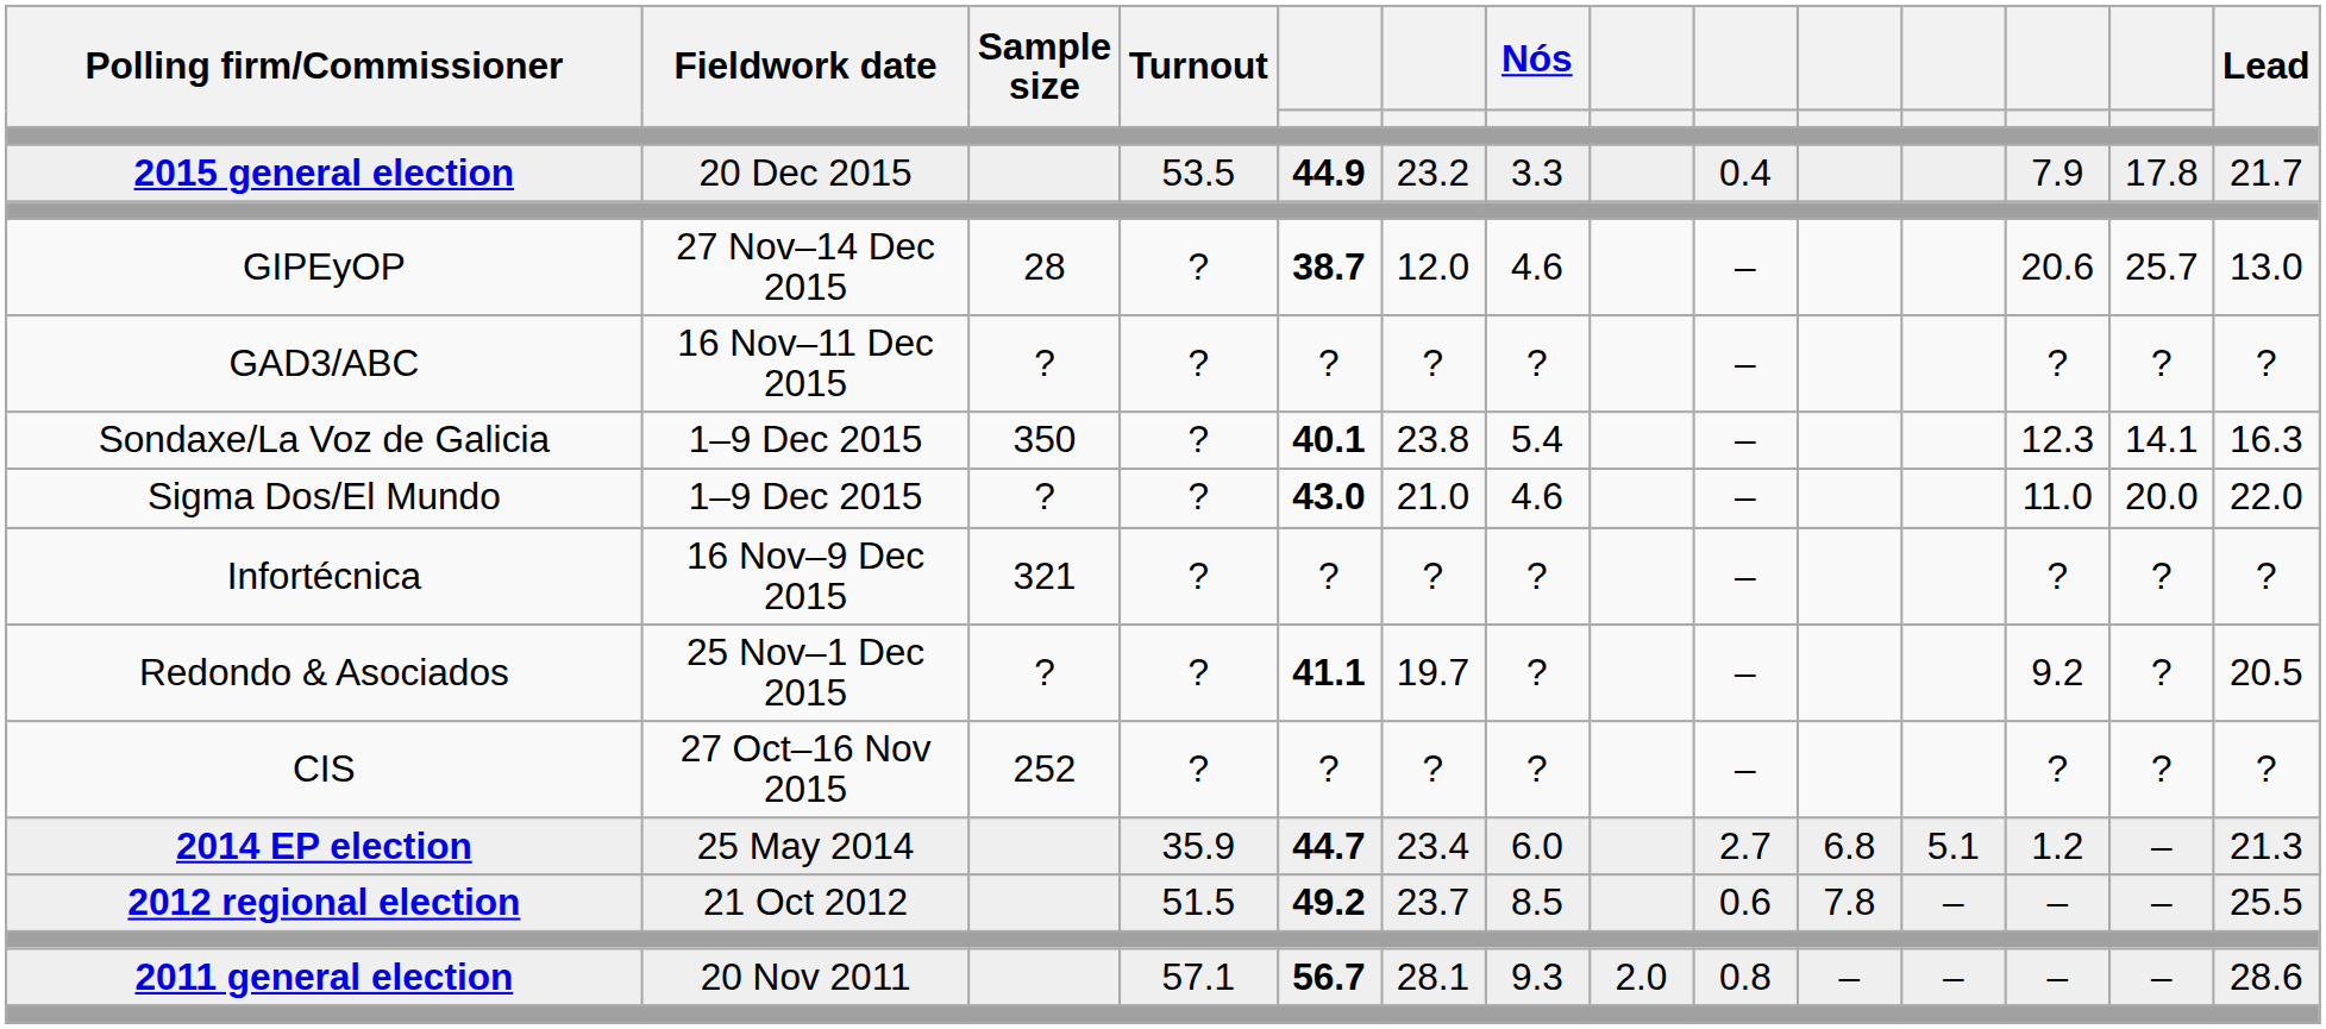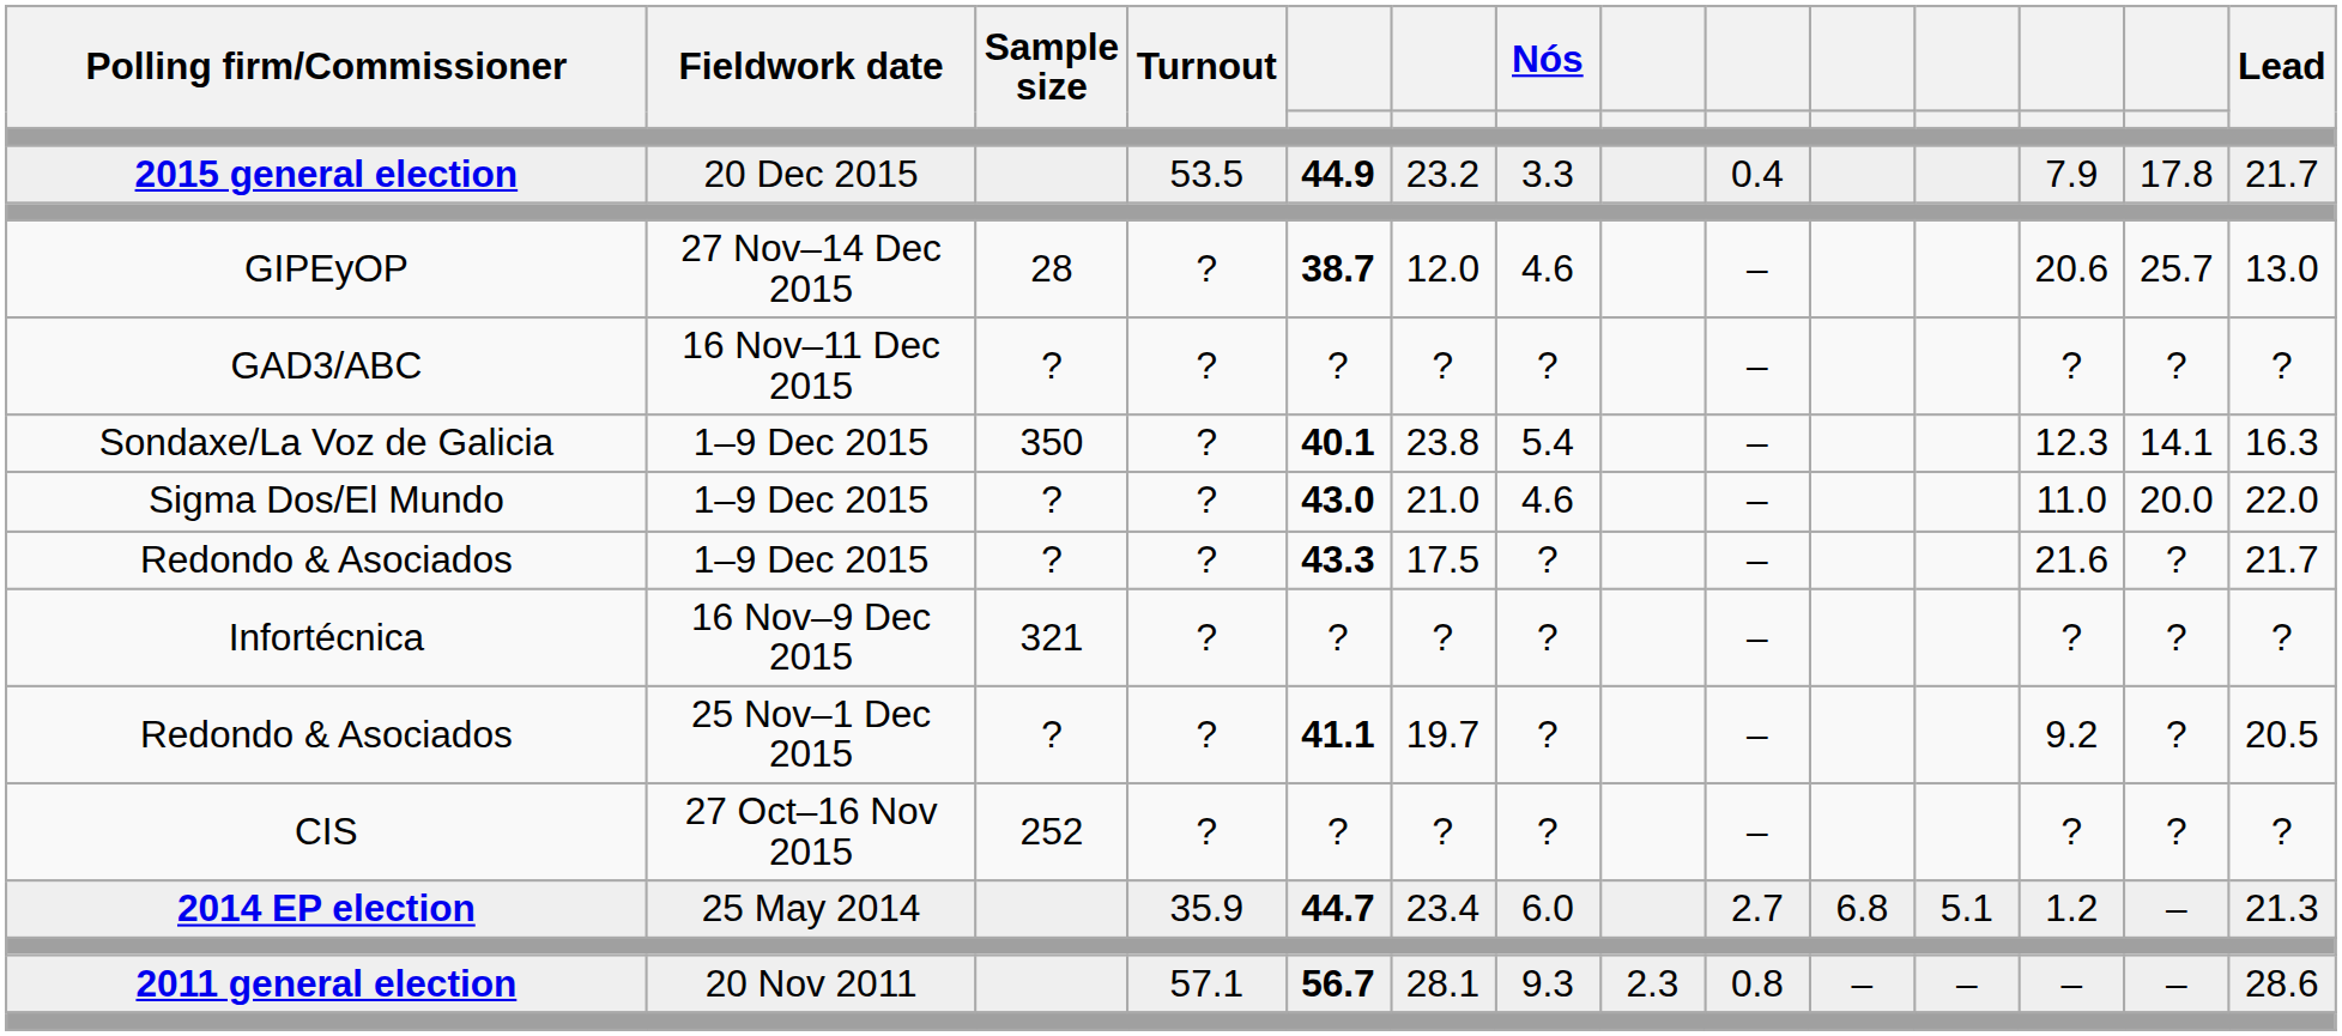 <table class="wikitable collapsible collapsed" style="text-align:center; font-size:95%; line-height:16px;">
 <tr style="height:42px; background-color:#E9E9E9">
 <th style="width:250px;" rowspan="2">Polling firm/Commissioner</th>
 <th style="width:125px;" rowspan="2">Fieldwork date</th>
 <th style="width:50px;" rowspan="2">Sample size</th>
 <th style="width:45px;" rowspan="2">Turnout</th>
 <th style="width:35px;"></th>
 <th style="width:35px;"></th>
 <th style="width:35px;"><a href='#'>Nós</a></th>
 <th style="width:35px;"></th>
 <th style="width:35px;"></th>
 <th style="width:35px;"></th>
 <th style="width:35px;"></th>
 <th style="width:35px;"></th>
 <th style="width:35px;"></th>
 <th style="width:30px;" rowspan="2">Lead</th>
 </tr>
 <tr>
 <th style="color:inherit;background:"></th>
 <th style="color:inherit;background:"></th>
 <th style="color:inherit;background:"></th>
 <th style="color:inherit;background:"></th>
 <th style="color:inherit;background:"></th>
 <th style="color:inherit;background:"></th>
 <th style="color:inherit;background:"></th>
 <th style="color:inherit;background:"></th>
 <th style="color:inherit;background:"></th>
 </tr>
 <tr>
 <td colspan="14" style="background:#A0A0A0"></td>
 </tr>
 <tr style="background:#EFEFEF;">
 <td><strong><a href='#'>2015 general election</a></strong></td>
 <td>20 Dec 2015</td>
 <td></td>
 <td>53.5</td>
 <td><strong>44.9</strong><br></td>
 <td>23.2<br></td>
 <td>3.3<br></td>
 <td></td>
 <td>0.4<br></td>
 <td></td>
 <td></td>
 <td>7.9<br></td>
 <td>17.8<br></td>
 <td style="background:">21.7</td>
 </tr>
 <tr>
 <td colspan="14" style="background:#A0A0A0"></td>
 </tr>
 <tr>
 <td>GIPEyOP</td>
 <td>27 Nov–14 Dec 2015</td>
 <td>28</td>
 <td>?</td>
 <td><strong>38.7</strong><br></td>
 <td>12.0<br></td>
 <td>4.6<br></td>
 <td></td>
 <td>–</td>
 <td></td>
 <td></td>
 <td>20.6<br></td>
 <td>25.7<br></td>
 <td style="background:">13.0</td>
 </tr>
 <tr>
 <td>GAD3/ABC</td>
 <td>16 Nov–11 Dec 2015</td>
 <td>?</td>
 <td>?</td>
 <td>?<br></td>
 <td>?<br></td>
 <td>?<br></td>
 <td></td>
 <td>–</td>
 <td></td>
 <td></td>
 <td>?<br></td>
 <td>?<br></td>
 <td style="background:">?</td>
 </tr>
 <tr>
 <td>Sondaxe/La Voz de Galicia</td>
 <td>1–9 Dec 2015</td>
 <td>350</td>
 <td>?</td>
 <td><strong>40.1</strong><br></td>
 <td>23.8<br></td>
 <td>5.4<br></td>
 <td></td>
 <td>–</td>
 <td></td>
 <td></td>
 <td>12.3<br></td>
 <td>14.1<br></td>
 <td style="background:">16.3</td>
 </tr>
 <tr>
 <td>Sigma Dos/El Mundo</td>
 <td>1–9 Dec 2015</td>
 <td>?</td>
 <td>?</td>
 <td><strong>43.0</strong><br></td>
 <td>21.0<br></td>
 <td>4.6<br></td>
 <td></td>
 <td>–</td>
 <td></td>
 <td></td>
 <td>11.0<br></td>
 <td>20.0<br></td>
 <td style="background:">22.0</td>
 </tr>
 <tr>
+<td>Redondo & Asociados</td>
+<td>1–9 Dec 2015</td>
+<td>?</td>
+<td>?</td>
+<td><strong>43.3</strong><br></td>
+<td>17.5<br></td>
+<td>?<br></td>
+<td></td>
+<td>–</td>
+<td></td>
+<td></td>
+<td>21.6<br></td>
+<td>?<br></td>
+<td style="background:">21.7</td>
+</tr>
+<tr>
 <td>Infortécnica</td>
 <td>16 Nov–9 Dec 2015</td>
 <td>321</td>
 <td>?</td>
 <td>?<br></td>
 <td>?<br></td>
 <td>?<br></td>
 <td></td>
 <td>–</td>
 <td></td>
 <td></td>
 <td>?<br></td>
 <td>?<br></td>
 <td style="background:">?</td>
 </tr>
 <tr>
 <td>Redondo & Asociados</td>
 <td>25 Nov–1 Dec 2015</td>
 <td>?</td>
 <td>?</td>
 <td><strong>41.1</strong><br></td>
 <td>19.7<br></td>
 <td>?<br></td>
 <td></td>
 <td>–</td>
 <td></td>
 <td></td>
 <td>9.2<br></td>
 <td>?<br></td>
 <td style="background:">20.5</td>
 </tr>
 <tr>
 <td>CIS</td>
 <td>27 Oct–16 Nov 2015</td>
 <td>252</td>
 <td>?</td>
 <td>?<br></td>
 <td>?<br></td>
 <td>?<br></td>
 <td></td>
 <td>–</td>
 <td></td>
 <td></td>
 <td>?<br></td>
 <td>?<br></td>
 <td style="background:">?</td>
 </tr>
 <tr style="background:#EFEFEF;">
 <td><strong><a href='#'>2014 EP election</a></strong></td>
 <td>25 May 2014</td>
 <td></td>
 <td>35.9</td>
 <td><strong>44.7</strong><br></td>
 <td>23.4<br></td>
 <td>6.0<br></td>
 <td></td>
 <td>2.7<br></td>
 <td>6.8<br></td>
 <td>5.1<br></td>
 <td>1.2<br></td>
 <td>–</td>
 <td style="background:">21.3</td>
 </tr>
-<tr style="background:#EFEFEF;">
-<td><strong><a href='#'>2012 regional election</a></strong></td>
-<td>21 Oct 2012</td>
-<td></td>
-<td>51.5</td>
-<td><strong>49.2</strong><br></td>
-<td>23.7<br></td>
-<td>8.5<br></td>
-<td></td>
-<td>0.6<br></td>
-<td>7.8<br></td>
-<td>–</td>
-<td>–</td>
-<td>–</td>
-<td style="background:">25.5</td>
-</tr>
 <tr>
 <td colspan="14" style="background:#A0A0A0"></td>
 </tr>
 <tr style="background:#EFEFEF;">
 <td><strong><a href='#'>2011 general election</a></strong></td>
 <td>20 Nov 2011</td>
 <td></td>
 <td>57.1</td>
 <td><strong>56.7</strong><br></td>
 <td>28.1<br></td>
 <td>9.3<br></td>
-<td>2.0<br></td>
+<td>2.3<br></td>
 <td>0.8<br></td>
 <td>–</td>
 <td>–</td>
 <td>–</td>
 <td>–</td>
 <td style="background:">28.6</td>
 </tr>
 <tr>
 <td colspan="14" style="background:#A0A0A0"></td>
 </tr>
 </table>
